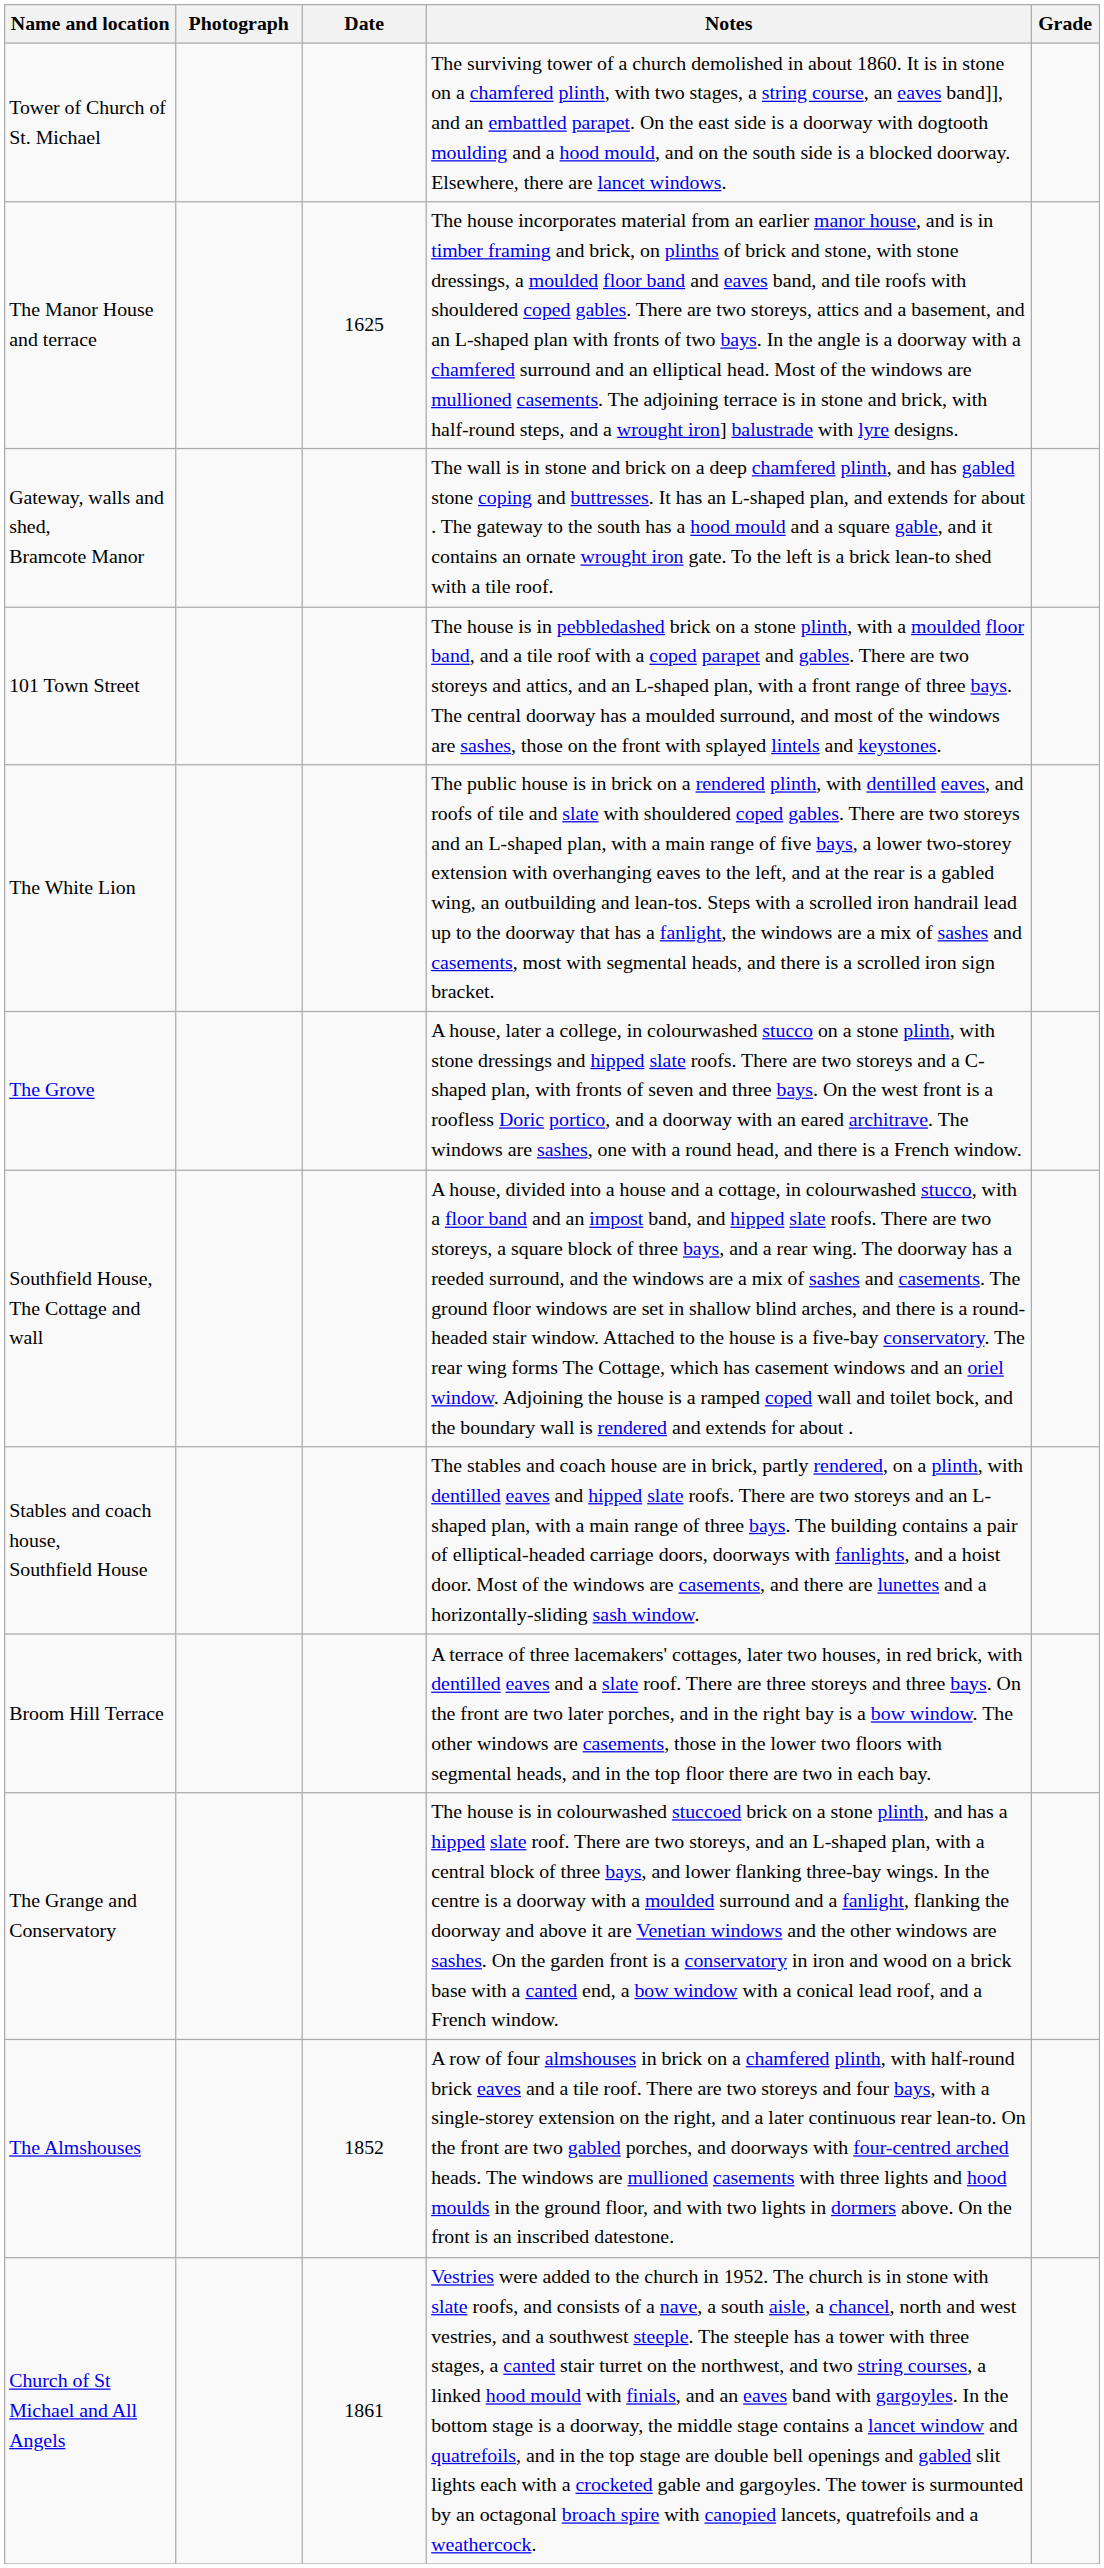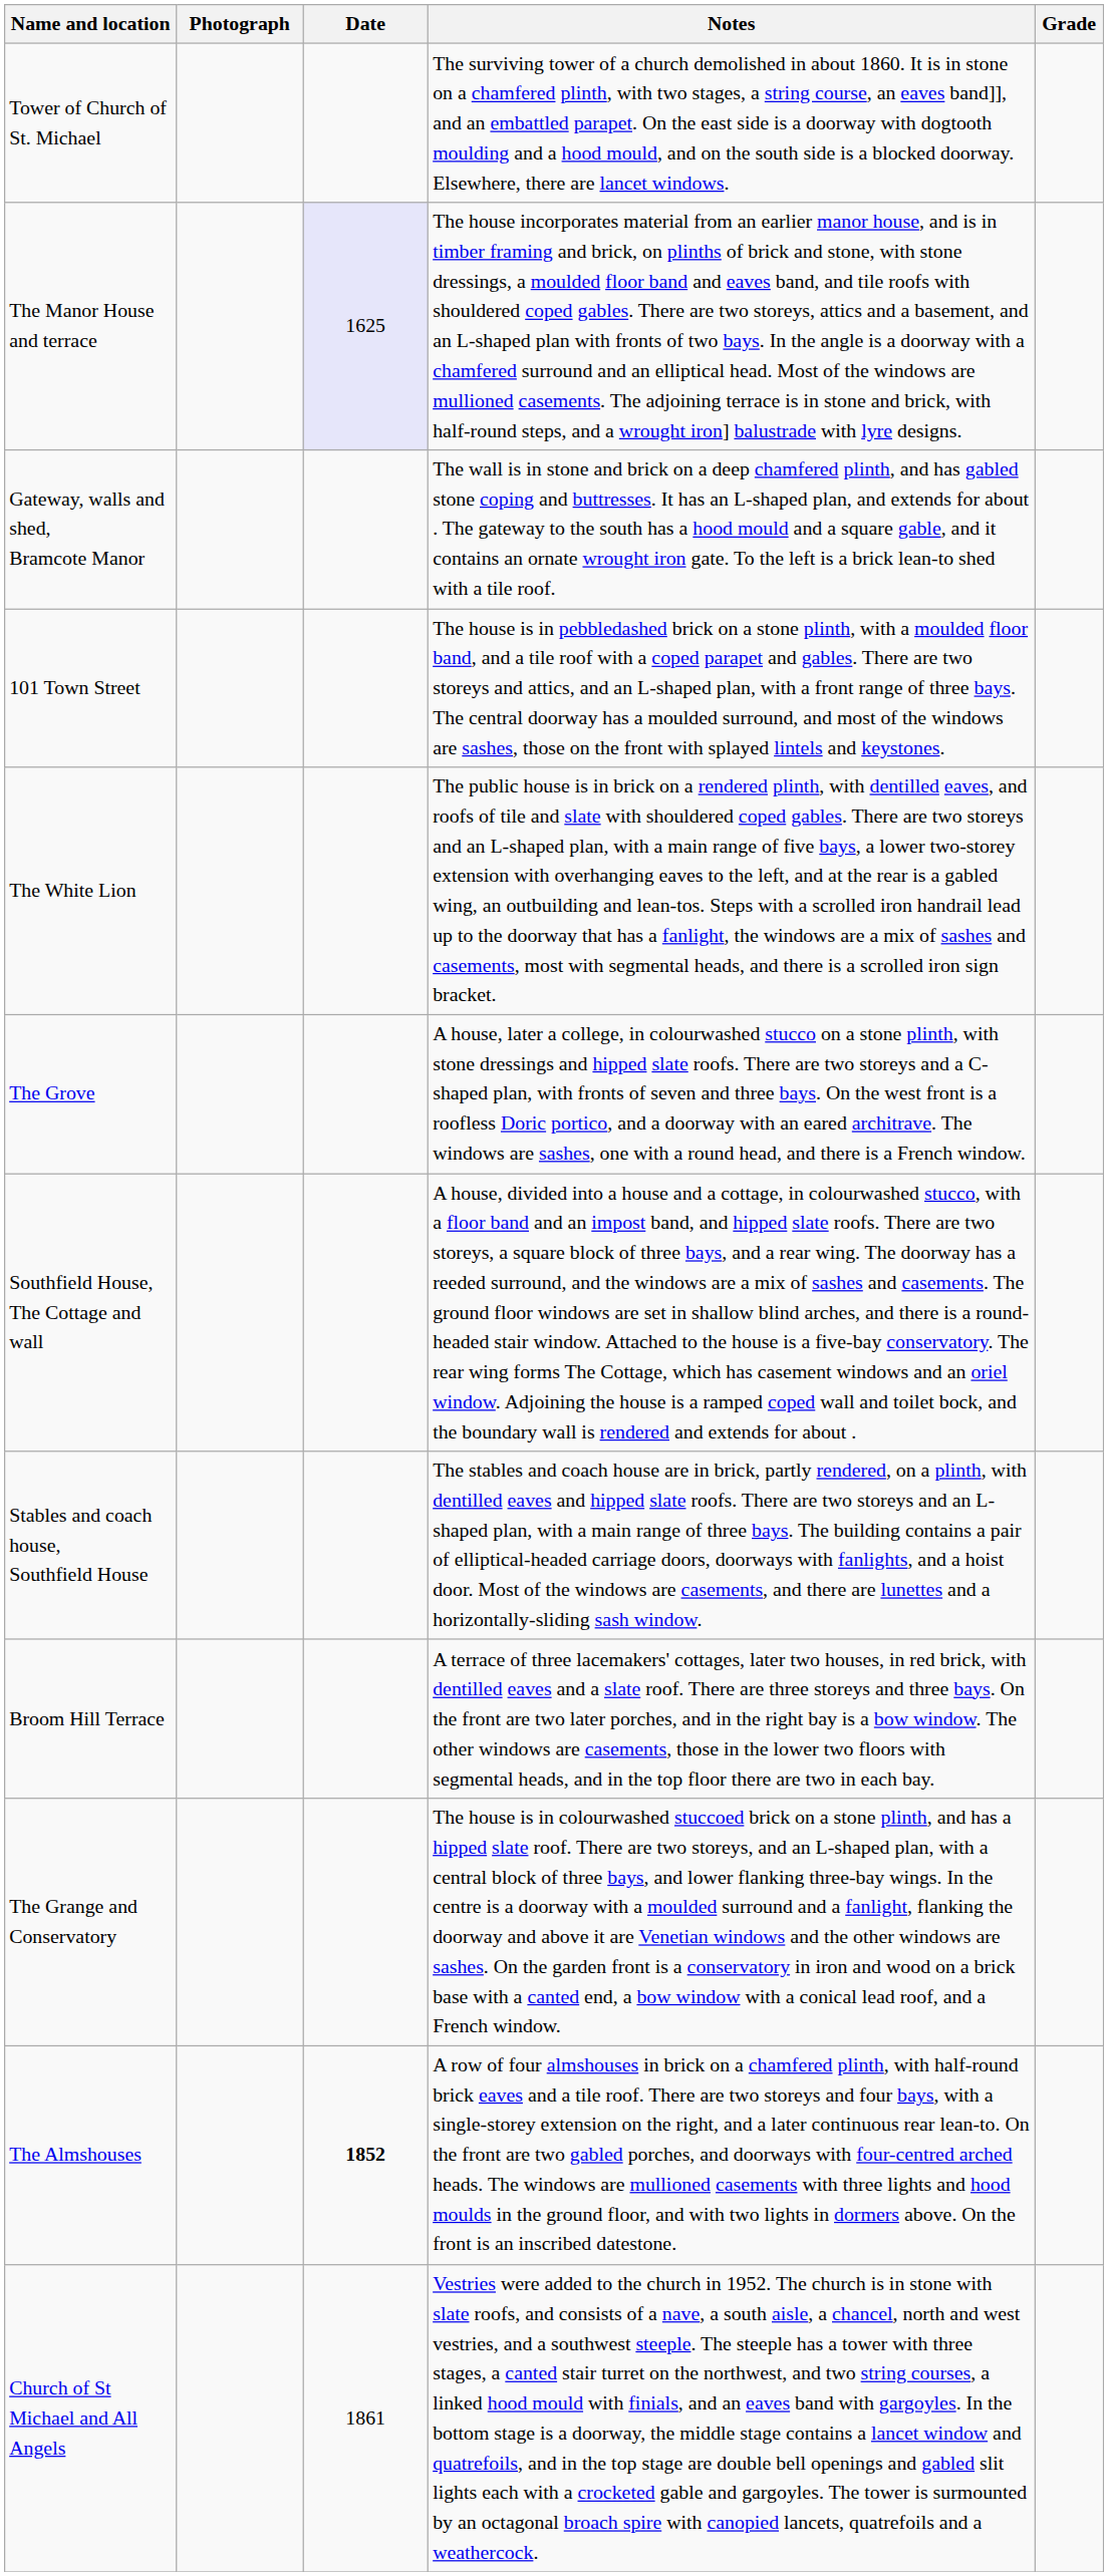 <table class="wikitable sortable plainrowheaders" style="width:100%; border:0px; text-align:left; line-height:150%">
 <tr>
 <th scope="col"  style="width:150px">Name and location</th>
 <th scope="col"  style="width:100px" class="unsortable">Photograph</th>
 <th scope="col"  style="width:120px">Date</th>
 <th scope="col"  style="width:650px" class="unsortable">Notes</th>
 <th scope="col"  style="width:50px">Grade</th>
 </tr>
 <tr>
 <td>Tower of Church of St. Michael<br><small></small></td>
 <td></td>
 <td align="center"></td>
 <td>The surviving tower of a church demolished in about 1860.  It is in stone on a <a href='#'>chamfered</a> <a href='#'>plinth</a>, with two stages, a <a href='#'>string course</a>, an <a href='#'>eaves</a> band]], and an <a href='#'>embattled</a> <a href='#'>parapet</a>.  On the east side is a doorway with dogtooth <a href='#'>moulding</a> and a <a href='#'>hood mould</a>, and on the south side is a blocked doorway.  Elsewhere, there are <a href='#'>lancet windows</a>.</td>
 <td align="center" ></td>
 </tr>
 <tr>
 <td>The Manor House and terrace<br><small></small></td>
 <td></td>
-<td align="center">1625</td>
+<td align="center" style="background: lavender;">1625</td>
 <td>The house incorporates material from an earlier <a href='#'>manor house</a>, and is in <a href='#'>timber framing</a> and brick, on <a href='#'>plinths</a> of brick and stone, with stone dressings, a <a href='#'>moulded</a> <a href='#'>floor band</a> and <a href='#'>eaves</a> band, and tile roofs with shouldered <a href='#'>coped</a> <a href='#'>gables</a>.  There are two storeys, attics and a basement, and an L-shaped plan with fronts of two <a href='#'>bays</a>.  In the angle is a doorway with a <a href='#'>chamfered</a> surround and an elliptical head.  Most of the windows are <a href='#'>mullioned</a> <a href='#'>casements</a>.  The adjoining terrace is in stone and brick, with half-round steps, and a <a href='#'>wrought iron</a>] <a href='#'>balustrade</a> with <a href='#'>lyre</a> designs.</td>
 <td align="center" ></td>
 </tr>
 <tr>
 <td>Gateway, walls and shed,<br>Bramcote Manor<br><small></small></td>
 <td></td>
 <td align="center"></td>
 <td>The wall is in stone and brick on a deep <a href='#'>chamfered</a> <a href='#'>plinth</a>, and has <a href='#'>gabled</a> stone <a href='#'>coping</a> and <a href='#'>buttresses</a>.  It has an L-shaped plan, and extends for about .  The gateway to the south has a <a href='#'>hood mould</a> and a square <a href='#'>gable</a>, and it contains an ornate <a href='#'>wrought iron</a> gate.  To the left is a brick lean-to shed with a tile roof.</td>
 <td align="center" ></td>
 </tr>
 <tr>
 <td>101 Town Street<br><small></small></td>
 <td></td>
 <td align="center"></td>
 <td>The house is in <a href='#'>pebbledashed</a> brick on a stone <a href='#'>plinth</a>, with a <a href='#'>moulded</a> <a href='#'>floor band</a>, and a tile roof with a <a href='#'>coped</a> <a href='#'>parapet</a> and <a href='#'>gables</a>.  There are two storeys and attics, and an L-shaped plan, with a front range of three <a href='#'>bays</a>.  The central doorway has a moulded surround, and most of the windows are <a href='#'>sashes</a>, those on the front with splayed <a href='#'>lintels</a> and <a href='#'>keystones</a>.</td>
 <td align="center" ></td>
 </tr>
 <tr>
 <td>The White Lion<br><small></small></td>
 <td></td>
 <td align="center"></td>
 <td>The public house is in brick on a <a href='#'>rendered</a> <a href='#'>plinth</a>, with <a href='#'>dentilled</a> <a href='#'>eaves</a>, and roofs of tile and <a href='#'>slate</a> with shouldered <a href='#'>coped</a> <a href='#'>gables</a>.  There are two storeys and an L-shaped plan, with a main range of five <a href='#'>bays</a>, a lower two-storey extension with overhanging eaves to the left, and at the rear is a gabled wing, an outbuilding and lean-tos.  Steps with a scrolled iron handrail lead up to the doorway that has a <a href='#'>fanlight</a>, the windows are a mix of <a href='#'>sashes</a> and <a href='#'>casements</a>, most with segmental heads, and there is a scrolled iron sign bracket.</td>
 <td align="center" ></td>
 </tr>
 <tr>
 <td><a href='#'>The Grove</a><br><small></small></td>
 <td></td>
 <td align="center"></td>
 <td>A house, later a college, in colourwashed <a href='#'>stucco</a> on a stone <a href='#'>plinth</a>, with stone dressings and <a href='#'>hipped</a> <a href='#'>slate</a> roofs.  There are two storeys and a C-shaped plan, with fronts of seven and three <a href='#'>bays</a>.  On the west front is a roofless <a href='#'>Doric</a> <a href='#'>portico</a>, and a doorway with an eared <a href='#'>architrave</a>.  The windows are <a href='#'>sashes</a>, one with a round head, and there is a French window.</td>
 <td align="center" ></td>
 </tr>
 <tr>
 <td>Southfield House, The Cottage and wall<br><small></small></td>
 <td></td>
 <td align="center"></td>
 <td>A house, divided into a house and a cottage, in colourwashed <a href='#'>stucco</a>, with a <a href='#'>floor band</a> and an <a href='#'>impost</a> band, and <a href='#'>hipped</a> <a href='#'>slate</a> roofs.  There are two storeys, a square block of three <a href='#'>bays</a>, and a rear wing.  The doorway has a reeded surround, and the windows are a mix of <a href='#'>sashes</a> and <a href='#'>casements</a>.  The ground floor windows are set in shallow blind arches, and there is a round-headed stair window.  Attached to the house is a five-bay <a href='#'>conservatory</a>.  The rear wing forms The Cottage, which has casement windows and an <a href='#'>oriel window</a>.  Adjoining the house is a ramped <a href='#'>coped</a> wall and toilet bock, and the boundary wall is <a href='#'>rendered</a> and extends for about .</td>
 <td align="center" ></td>
 </tr>
 <tr>
 <td>Stables and coach house,<br>Southfield House<br><small></small></td>
 <td></td>
 <td align="center"></td>
 <td>The stables and coach house are in brick, partly <a href='#'>rendered</a>, on a <a href='#'>plinth</a>, with <a href='#'>dentilled</a> <a href='#'>eaves</a> and <a href='#'>hipped</a> <a href='#'>slate</a> roofs.  There are two storeys and an L-shaped plan, with a main range of three <a href='#'>bays</a>. The building contains a pair of elliptical-headed carriage doors, doorways with <a href='#'>fanlights</a>, and a hoist door.  Most of the windows are <a href='#'>casements</a>, and there are <a href='#'>lunettes</a> and a horizontally-sliding <a href='#'>sash window</a>.</td>
 <td align="center" ></td>
 </tr>
 <tr>
 <td>Broom Hill Terrace<br><small></small></td>
 <td></td>
 <td align="center"></td>
 <td>A terrace of three lacemakers' cottages, later two houses, in red brick, with <a href='#'>dentilled</a> <a href='#'>eaves</a> and a <a href='#'>slate</a> roof.  There are three storeys and three <a href='#'>bays</a>.  On the front are two later porches, and in the right bay is a <a href='#'>bow window</a>.  The other windows are <a href='#'>casements</a>, those in the lower two floors with segmental heads, and in the top floor there are two in each bay.</td>
 <td align="center" ></td>
 </tr>
 <tr>
 <td>The Grange and Conservatory<br><small></small></td>
 <td></td>
 <td align="center"></td>
 <td>The house is in colourwashed <a href='#'>stuccoed</a> brick on a stone <a href='#'>plinth</a>, and has a <a href='#'>hipped</a> <a href='#'>slate</a> roof.  There are two storeys, and an L-shaped plan, with a central block of three <a href='#'>bays</a>, and lower flanking three-bay wings.  In the centre is a doorway with a <a href='#'>moulded</a> surround and a <a href='#'>fanlight</a>, flanking the doorway and above it are <a href='#'>Venetian windows</a> and the other windows are <a href='#'>sashes</a>.  On the garden front is a <a href='#'>conservatory</a> in iron and wood on a brick base with a <a href='#'>canted</a> end, a <a href='#'>bow window</a> with a conical lead roof, and a French window.</td>
 <td align="center" ></td>
 </tr>
 <tr>
 <td><a href='#'>The Almshouses</a><br><small></small></td>
 <td></td>
-<td align="center">1852</td>
+<td align="center"><strong>1852</strong></td>
 <td>A row of four <a href='#'>almshouses</a> in brick on a <a href='#'>chamfered</a> <a href='#'>plinth</a>, with half-round brick <a href='#'>eaves</a> and a tile roof.  There are two storeys and four <a href='#'>bays</a>, with a single-storey extension on the right, and a later continuous rear lean-to.  On the front are two <a href='#'>gabled</a> porches, and doorways with <a href='#'>four-centred arched</a> heads.  The windows are <a href='#'>mullioned</a> <a href='#'>casements</a> with three lights and <a href='#'>hood moulds</a> in the ground floor, and with two lights in <a href='#'>dormers</a> above.  On the front is an inscribed datestone.</td>
 <td align="center" ></td>
 </tr>
 <tr>
 <td><a href='#'>Church of St Michael and All Angels</a><br><small></small></td>
 <td></td>
 <td align="center">1861</td>
 <td><a href='#'>Vestries</a> were added to the church in 1952.  The church is in stone with <a href='#'>slate</a> roofs, and consists of a <a href='#'>nave</a>, a south <a href='#'>aisle</a>, a <a href='#'>chancel</a>, north and west vestries, and a southwest <a href='#'>steeple</a>.  The steeple has a tower with three stages, a <a href='#'>canted</a> stair turret on the northwest, and two <a href='#'>string courses</a>, a linked <a href='#'>hood mould</a> with <a href='#'>finials</a>, and an <a href='#'>eaves</a> band with <a href='#'>gargoyles</a>.  In the bottom stage is a doorway, the middle stage contains a <a href='#'>lancet window</a> and <a href='#'>quatrefoils</a>, and in the top stage are double bell openings and <a href='#'>gabled</a> slit lights each with a <a href='#'>crocketed</a> gable and gargoyles.  The tower is surmounted by an octagonal <a href='#'>broach spire</a> with <a href='#'>canopied</a> lancets, quatrefoils and a <a href='#'>weathercock</a>.</td>
 <td align="center" ></td>
 </tr>
 <tr>
 </tr>
 </table>
